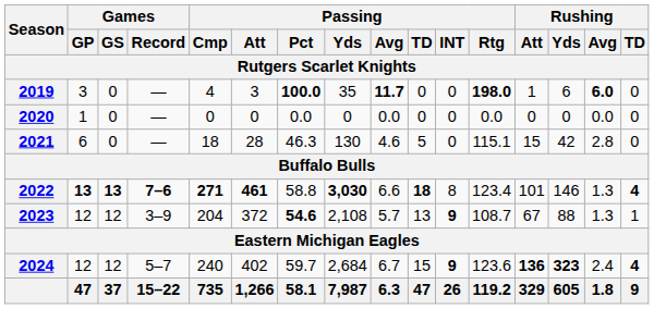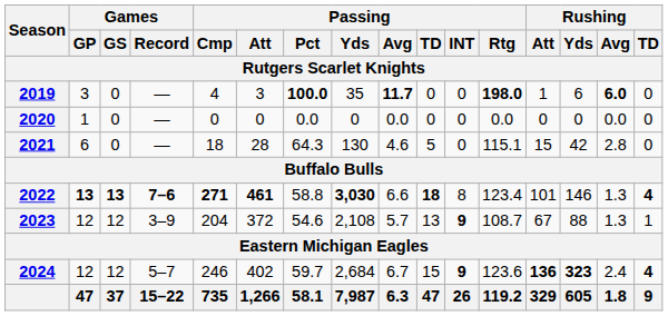 <table class="wikitable" style="text-align:center;">
 <tr>
 <th rowspan="2">Season</th>
 <th colspan="3">Games</th>
 <th colspan="8">Passing</th>
 <th colspan="4">Rushing</th>
 </tr>
 <tr>
 <th>GP</th>
 <th>GS</th>
 <th>Record</th>
 <th>Cmp</th>
 <th>Att</th>
 <th>Pct</th>
 <th>Yds</th>
 <th>Avg</th>
 <th>TD</th>
 <th>INT</th>
 <th>Rtg</th>
 <th>Att</th>
 <th>Yds</th>
 <th>Avg</th>
 <th>TD</th>
 </tr>
 <tr>
 <th colspan="16">Rutgers Scarlet Knights</th>
 </tr>
 <tr>
 <th><a href='#'>2019</a></th>
 <td>3</td>
 <td>0</td>
 <td>—</td>
 <td>4</td>
 <td>3</td>
 <td><strong>100.0</strong></td>
 <td>35</td>
 <td><strong>11.7</strong></td>
 <td>0</td>
 <td>0</td>
 <td><strong>198.0</strong></td>
 <td>1</td>
 <td>6</td>
 <td><strong>6.0</strong></td>
 <td>0</td>
 </tr>
 <tr>
 <th><a href='#'>2020</a></th>
 <td>1</td>
 <td>0</td>
 <td>—</td>
 <td>0</td>
 <td>0</td>
 <td>0.0</td>
 <td>0</td>
 <td>0.0</td>
 <td>0</td>
 <td>0</td>
 <td>0.0</td>
 <td>0</td>
 <td>0</td>
 <td>0.0</td>
 <td>0</td>
 </tr>
 <tr>
 <th><a href='#'>2021</a></th>
 <td>6</td>
 <td>0</td>
 <td>—</td>
 <td>18</td>
 <td>28</td>
-<td>46.3</td>
+<td>64.3</td>
 <td>130</td>
 <td>4.6</td>
 <td>5</td>
 <td>0</td>
 <td>115.1</td>
 <td>15</td>
 <td>42</td>
 <td>2.8</td>
 <td>0</td>
 </tr>
 <tr>
 <th colspan="16">Buffalo Bulls</th>
 </tr>
 <tr>
 <th><a href='#'>2022</a></th>
 <td><strong>13</strong></td>
 <td><strong>13</strong></td>
 <td><strong>7–6</strong></td>
 <td><strong>271</strong></td>
 <td><strong>461</strong></td>
 <td>58.8</td>
 <td><strong>3,030</strong></td>
 <td>6.6</td>
 <td><strong>18</strong></td>
 <td>8</td>
 <td>123.4</td>
 <td>101</td>
 <td>146</td>
 <td>1.3</td>
 <td><strong>4</strong></td>
 </tr>
 <tr>
 <th><a href='#'>2023</a></th>
 <td>12</td>
 <td>12</td>
 <td>3–9</td>
 <td>204</td>
 <td>372</td>
-<td><strong>54.6</strong></td>
+<td>54.6</td>
 <td>2,108</td>
 <td>5.7</td>
 <td>13</td>
 <td><strong>9</strong></td>
 <td>108.7</td>
 <td>67</td>
 <td>88</td>
 <td>1.3</td>
 <td>1</td>
 </tr>
 <tr>
 <th colspan="16">Eastern Michigan Eagles</th>
 </tr>
 <tr>
 <th><a href='#'>2024</a></th>
 <td>12</td>
 <td>12</td>
 <td>5–7</td>
-<td>240</td>
+<td>246</td>
 <td>402</td>
 <td>59.7</td>
 <td>2,684</td>
 <td>6.7</td>
 <td>15</td>
 <td><strong>9</strong></td>
 <td>123.6</td>
 <td><strong>136</strong></td>
 <td><strong>323</strong></td>
 <td>2.4</td>
 <td><strong>4</strong></td>
 </tr>
 <tr>
 <th></th>
 <th>47</th>
 <th>37</th>
 <th>15–22</th>
 <th>735</th>
 <th>1,266</th>
 <th>58.1</th>
 <th>7,987</th>
 <th>6.3</th>
 <th>47</th>
 <th>26</th>
 <th>119.2</th>
 <th>329</th>
 <th>605</th>
 <th>1.8</th>
 <th>9</th>
 </tr>
 </table>
